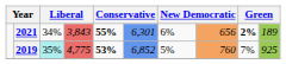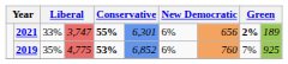 <table class="wikitable" style="float:right; width:400; font-size:90%; margin-left:1em;">
 <tr>
 <th colspan="2" scope="col">Year</th>
 <th colspan="2" scope="col"><a href='#'>Liberal</a></th>
 <th colspan="2" scope="col"><a href='#'>Conservative</a></th>
 <th colspan="2" scope="col"><a href='#'>New Democratic</a></th>
 <th colspan="2" scope="col"><a href='#'>Green</a></th>
 </tr>
 <tr>
 <td rowspan="2" style="width: 0.25em; background-color: "></td>
 <th><a href='#'>2021</a></th>
-<td>34%</td>
-<td style="text-align:right; background:#EA6D6A;"><em>3,843</em></td>
+<td>33%</td>
+<td style="text-align:right; background:#EA6D6A;"><em>3,747</em></td>
 <td><strong>55%</strong></td>
 <td style="text-align:right; background:#6495ED;"><em>6,301</em></td>
 <td>6%</td>
 <td style="text-align:right; background:#F4A460;"><em>656</em></td>
 <td><strong>2%</strong></td>
 <td style="text-align:right; background:#99C955;"><em>189</em></td>
 </tr>
 <tr>
 <th><a href='#'>2019</a></th>
-<td style="background: paleturquoise;">35%</td>
+<td>35%</td>
 <td style="text-align:right; background:#EA6D6A;"><em>4,775</em></td>
 <td><strong>53%</strong></td>
 <td style="text-align:right; background:#6495ED;"><em>6,852</em></td>
-<td>5%</td>
+<td>6%</td>
 <td style="text-align:right; background:#F4A460;"><em>760</em></td>
 <td>7%</td>
 <td style="text-align:right; background:#99C955;"><em>925</em></td>
 </tr>
 <tr>
 </tr>
 </table>
